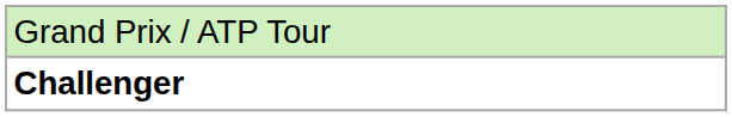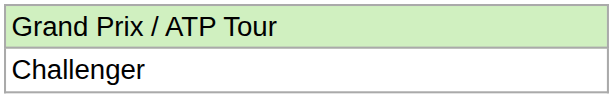 <table class="wikitable" style="font-size:85%;" width=15%>
 <tr bgcolor="d0f0c0">
 <td>Grand Prix / ATP Tour</td>
 </tr>
 <tr bgcolor="#ffffff">
-<td><strong>Challenger</strong></td>
+<td>Challenger</td>
 </tr>
 </table>
